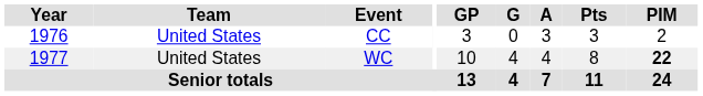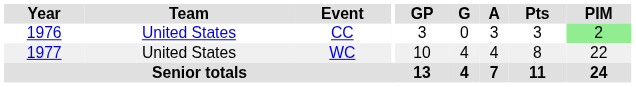 <table border="0" cellpadding="1" cellspacing="0" ID="Table3" style="text-align:center; width:40em">
 <tr bgcolor="#e0e0e0">
 <th>Year</th>
 <th>Team</th>
 <th>Event</th>
 <th rowspan="102" bgcolor="#ffffff"></th>
 <th>GP</th>
 <th>G</th>
 <th>A</th>
 <th>Pts</th>
 <th>PIM</th>
 </tr>
 <tr>
 <td><a href='#'>1976</a></td>
 <td><a href='#'>United States</a></td>
 <td><a href='#'>CC</a></td>
 <td>3</td>
 <td>0</td>
 <td>3</td>
 <td>3</td>
-<td>2</td>
+<td style="background: lightgreen;">2</td>
 </tr>
 <tr bgcolor="#f0f0f0">
 <td><a href='#'>1977</a></td>
 <td>United States</td>
 <td><a href='#'>WC</a></td>
 <td>10</td>
 <td>4</td>
 <td>4</td>
 <td>8</td>
-<td><strong>22</strong></td>
+<td>22</td>
 </tr>
 <tr bgcolor="#e0e0e0">
 <th colspan="4">Senior totals</th>
 <th>13</th>
 <th>4</th>
 <th>7</th>
 <th>11</th>
 <th>24</th>
 </tr>
 </table>
